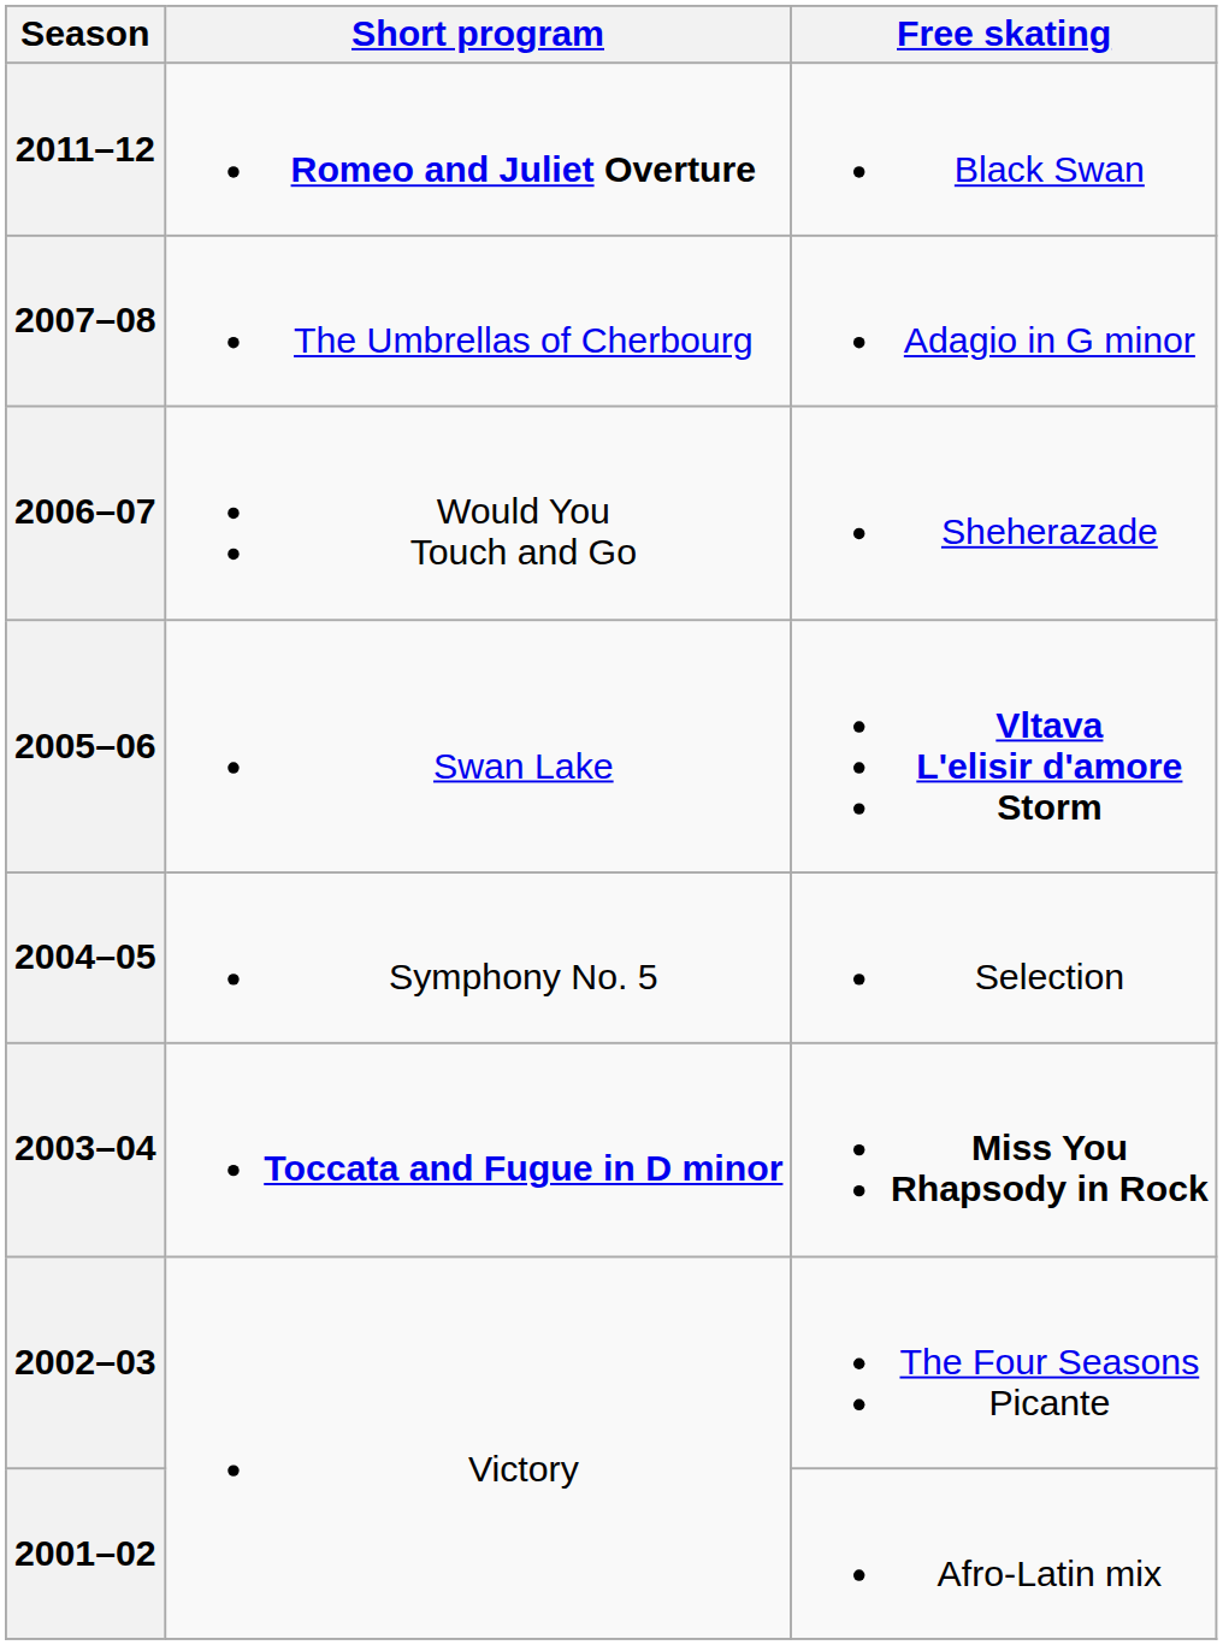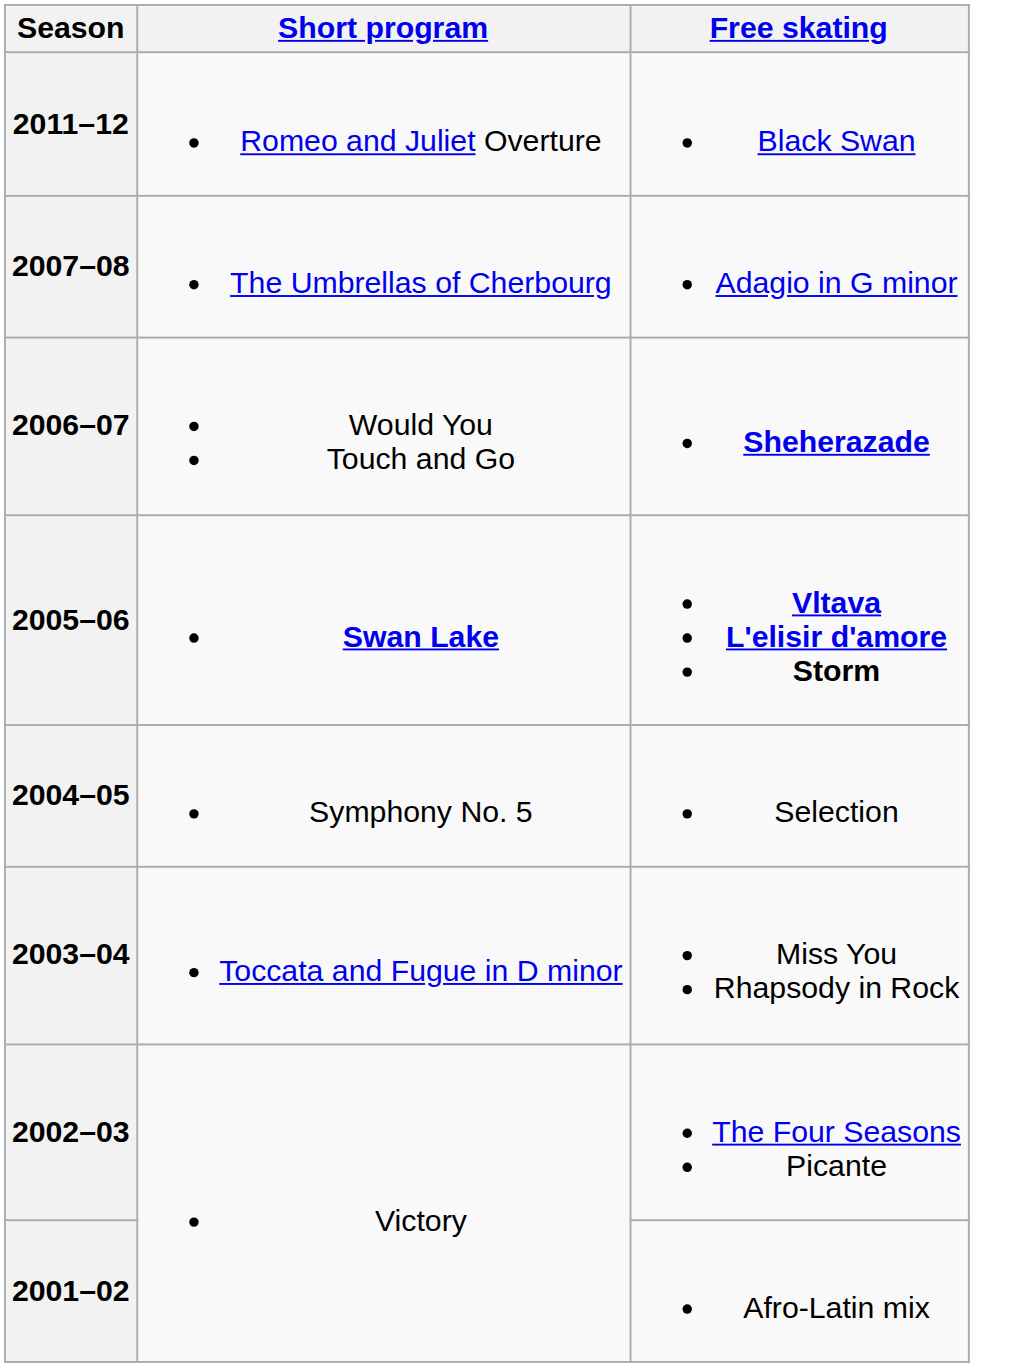 <table class=wikitable style=text-align:center>
 <tr>
 <th>Season</th>
 <th><a href='#'>Short program</a></th>
 <th><a href='#'>Free skating</a></th>
 </tr>
 <tr>
 <th>2011–12 <br> </th>
-<td><strong><br><ul><li><a href='#'>Romeo and Juliet</a> Overture <br></li></ul></strong></td>
+<td><br><ul><li><a href='#'>Romeo and Juliet</a> Overture <br></li></ul></td>
 <td><br><ul><li><a href='#'>Black Swan</a> <br></li></ul></td>
 </tr>
 <tr>
 <th>2007–08 <br> </th>
 <td><br><ul><li><a href='#'>The Umbrellas of Cherbourg</a> <br></li></ul></td>
 <td><br><ul><li><a href='#'>Adagio in G minor</a> <br></li></ul></td>
 </tr>
 <tr>
 <th>2006–07 <br> </th>
 <td><br><ul><li>Would You</li><li>Touch and Go</li></ul></td>
-<td><br><ul><li><a href='#'>Sheherazade</a> <br></li></ul></td>
+<td><strong><br><ul><li><a href='#'>Sheherazade</a> <br></li></ul></strong></td>
 </tr>
 <tr>
 <th>2005–06 <br> </th>
-<td><br><ul><li><a href='#'>Swan Lake</a> <br></li></ul></td>
+<td><strong><br><ul><li><a href='#'>Swan Lake</a> <br></li></ul></strong></td>
 <td><strong><br><ul><li><a href='#'>Vltava</a> <br></li><li><a href='#'>L'elisir d'amore</a> <br></li><li>Storm <br></li></ul></strong></td>
 </tr>
 <tr>
 <th>2004–05 <br> </th>
 <td><br><ul><li>Symphony No. 5 <br></li></ul></td>
 <td><br><ul><li>Selection <br></li></ul></td>
 </tr>
 <tr>
 <th>2003–04 <br> </th>
-<td><strong><br><ul><li><a href='#'>Toccata and Fugue in D minor</a> <br></li></ul></strong></td>
-<td><strong><br><ul><li>Miss You <br></li><li>Rhapsody in Rock <br></li></ul></strong></td>
+<td><br><ul><li><a href='#'>Toccata and Fugue in D minor</a> <br></li></ul></td>
+<td><br><ul><li>Miss You <br></li><li>Rhapsody in Rock <br></li></ul></td>
 </tr>
 <tr>
 <th>2002–03 <br> </th>
 <td rowspan=2><br><ul><li>Victory <br></li></ul></td>
 <td><br><ul><li><a href='#'>The Four Seasons</a> <br></li><li>Picante <br></li></ul></td>
 </tr>
 <tr>
 <th>2001–02 <br> </th>
 <td><br><ul><li>Afro-Latin mix</li></ul></td>
 </tr>
 </table>
